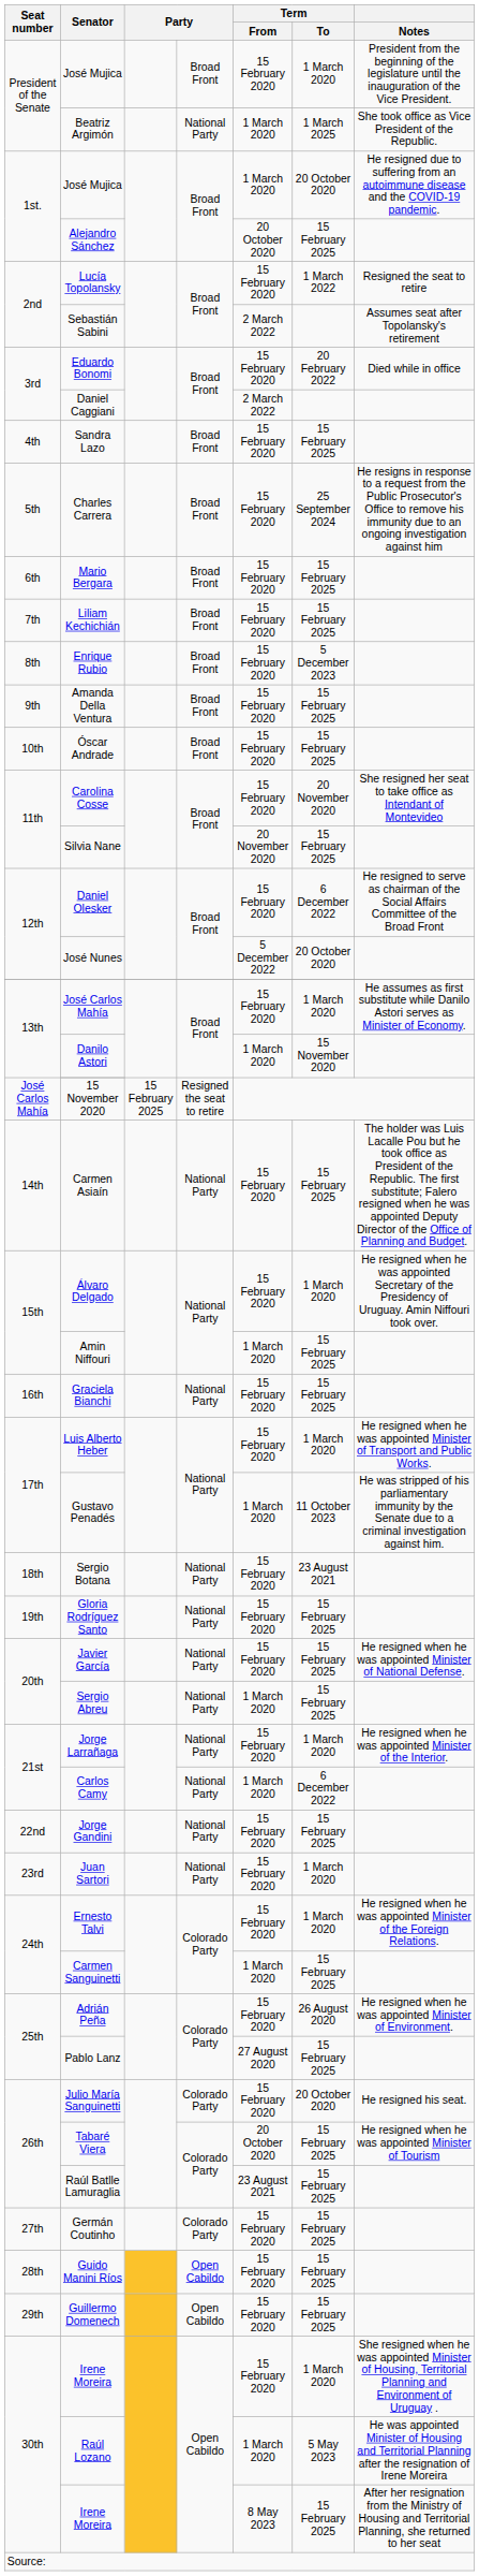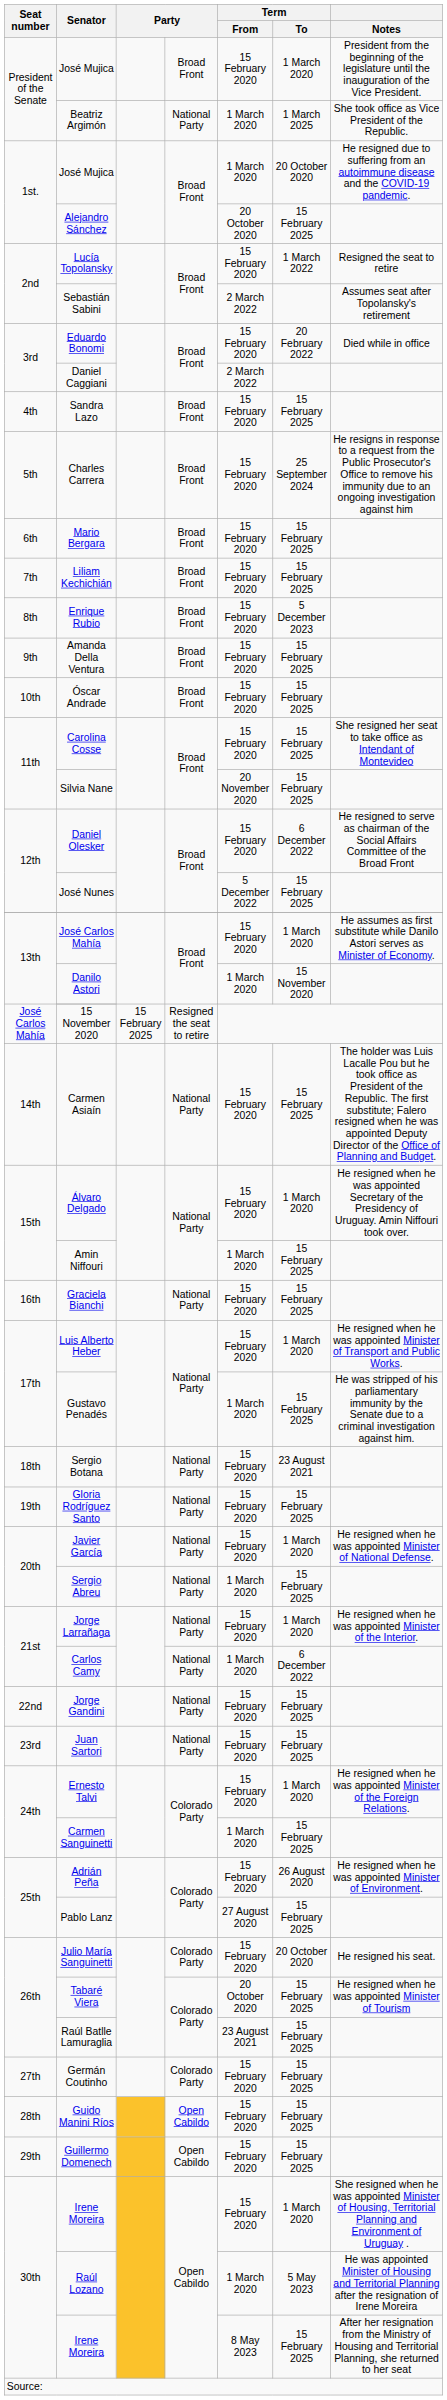 <table class="wikitable" style="width:675px;">
 <tr>
 <th rowspan="2">Seat number</th>
 <th rowspan="2">Senator</th>
 <th colspan="2" rowspan="2">Party</th>
 <th colspan="2">Term</th>
 <th></th>
 </tr>
 <tr>
 <th>From</th>
 <th>To</th>
 <th>Notes</th>
 </tr>
 <tr style="text-align:center;">
 <td rowspan="2">President of the Senate</td>
 <td style="text-align:center;">José Mujica</td>
 <td style="background-color:"></td>
 <td style="text-align:center;">Broad Front</td>
 <td style="text-align:center;">15 February 2020</td>
 <td style="text-align:center;">1 March 2020</td>
 <td>President from the beginning of the legislature until the inauguration of the Vice President.</td>
 </tr>
 <tr style="text-align:center;">
 <td style="text-align:center;">Beatriz Argimón</td>
 <td style="background-color:"></td>
 <td style="text-align:center;">National Party</td>
 <td style="text-align:center;">1 March 2020</td>
 <td style="text-align:center;">1 March 2025</td>
 <td>She took office as Vice President of the Republic.</td>
 </tr>
 <tr style="text-align:center;">
 <td rowspan="2">1st.</td>
 <td style="text-align:center;">José Mujica</td>
 <td rowspan="2" style="background-color:"></td>
 <td rowspan="2" style="text-align:center;">Broad Front</td>
 <td style="text-align:center;">1 March 2020</td>
 <td style="text-align:center;">20 October 2020</td>
 <td style="text-align:center;">He resigned due to suffering from an <a href='#'>autoimmune disease</a> and the <a href='#'>COVID-19 pandemic</a>.</td>
 </tr>
 <tr>
 <td style="text-align:center;"><a href='#'>Alejandro Sánchez</a></td>
 <td style="text-align:center;">20 October 2020</td>
 <td style="text-align:center;">15 February 2025</td>
 <td style="text-align:center;"></td>
 </tr>
 <tr>
 <td rowspan="2" style="text-align:center;">2nd</td>
 <td style="text-align:center;"><a href='#'>Lucía Topolansky</a></td>
 <td rowspan="2" style="background-color:"></td>
 <td rowspan="2" style="text-align:center;">Broad Front</td>
 <td style="text-align:center;">15 February 2020</td>
 <td style="text-align:center;">1 March 2022</td>
 <td style="text-align:center;">Resigned the seat to retire</td>
 </tr>
 <tr>
 <td style="text-align:center;">Sebastián Sabini</td>
 <td style="text-align:center;">2 March 2022</td>
 <td></td>
 <td style="text-align:center;">Assumes seat after Topolansky's retirement</td>
 </tr>
 <tr>
 <td rowspan="2" style="text-align:center;">3rd</td>
 <td style="text-align:center;"><a href='#'>Eduardo Bonomi</a></td>
 <td rowspan="2" style="background-color:"></td>
 <td rowspan="2" style="text-align:center;">Broad Front</td>
 <td style="text-align:center;">15 February 2020</td>
 <td style="text-align:center;">20 February 2022</td>
 <td style="text-align:center;">Died while in office</td>
 </tr>
 <tr>
 <td style="text-align:center;">Daniel Caggiani</td>
 <td style="text-align:center;">2 March 2022</td>
 <td></td>
 <td></td>
 </tr>
 <tr>
 <td style="text-align:center;">4th</td>
 <td style="text-align:center;">Sandra Lazo</td>
 <td style="background-color:"></td>
 <td style="text-align:center;">Broad Front</td>
 <td style="text-align:center;">15 February 2020</td>
 <td style="text-align:center;">15 February 2025</td>
 <td></td>
 </tr>
 <tr>
 <td style="text-align:center;">5th</td>
 <td style="text-align:center;">Charles Carrera</td>
 <td style="background-color:"></td>
 <td style="text-align:center;">Broad Front</td>
 <td style="text-align:center;">15 February 2020</td>
 <td style="text-align:center;">25 September 2024</td>
 <td style="text-align:center;">He resigns in response to a request from the Public Prosecutor's Office to remove his immunity due to an ongoing investigation against him</td>
 </tr>
 <tr style="text-align:center;">
 <td>6th</td>
 <td style="text-align:center;"><a href='#'>Mario Bergara</a></td>
 <td style="background-color:"></td>
 <td style="text-align:center;">Broad Front</td>
 <td style="text-align:center;">15 February 2020</td>
 <td style="text-align:center;">15 February 2025</td>
 <td></td>
 </tr>
 <tr style="text-align:center;">
 <td>7th</td>
 <td style="text-align:center;"><a href='#'>Liliam Kechichián</a></td>
 <td style="background-color:"></td>
 <td style="text-align:center;">Broad Front</td>
 <td style="text-align:center;">15 February 2020</td>
 <td style="text-align:center;">15 February 2025</td>
 <td></td>
 </tr>
 <tr style="text-align:center;">
 <td>8th</td>
 <td style="text-align:center;"><a href='#'>Enrique Rubio</a></td>
 <td style="background-color:"></td>
 <td style="text-align:center;">Broad Front</td>
 <td style="text-align:center;">15 February 2020</td>
 <td style="text-align:center;">5 December 2023</td>
 <td></td>
 </tr>
 <tr style="text-align:center;">
 <td>9th</td>
 <td style="text-align:center;">Amanda Della Ventura</td>
 <td style="background-color:"></td>
 <td style="text-align:center;">Broad Front</td>
 <td style="text-align:center;">15 February 2020</td>
 <td style="text-align:center;">15 February 2025</td>
 <td></td>
 </tr>
 <tr style="text-align:center;">
 <td>10th</td>
 <td style="text-align:center;">Óscar Andrade</td>
 <td style="background-color:"></td>
 <td style="text-align:center;">Broad Front</td>
 <td style="text-align:center;">15 February 2020</td>
 <td style="text-align:center;">15 February 2025</td>
 <td></td>
 </tr>
 <tr style="text-align:center;">
 <td rowspan="2">11th</td>
 <td style="text-align:center;"><a href='#'>Carolina Cosse</a></td>
 <td rowspan="2" style="background-color:"></td>
 <td rowspan="2" style="text-align:center;">Broad Front</td>
 <td style="text-align:center;">15 February 2020</td>
-<td style="text-align:center;">20 November 2020</td>
+<td style="text-align:center;">15 February 2025</td>
 <td>She resigned her seat to take office as <a href='#'>Intendant of Montevideo</a></td>
 </tr>
 <tr>
 <td style="text-align:center;">Silvia Nane</td>
 <td style="text-align:center;">20 November 2020</td>
 <td style="text-align:center;">15 February 2025</td>
 <td></td>
 </tr>
 <tr style="text-align:center;">
 <td rowspan="2">12th</td>
 <td style="text-align:center;"><a href='#'>Daniel Olesker</a></td>
 <td rowspan="2" style="background-color:"></td>
 <td rowspan="2" style="text-align:center;">Broad Front</td>
 <td style="text-align:center;">15 February 2020</td>
 <td style="text-align:center;">6 December 2022</td>
 <td style="text-align:center;">He resigned to serve as chairman of the Social Affairs Committee of the Broad Front</td>
 </tr>
 <tr>
 <td style="text-align:center;">José Nunes</td>
 <td style="text-align:center;">5 December 2022</td>
-<td style="text-align:center;">20 October 2020</td>
+<td style="text-align:center;">15 February 2025</td>
 <td></td>
 </tr>
 <tr style="text-align:center;">
 </tr>
 <tr style="text-align:center;">
 <td rowspan="3">13th</td>
 <td style="text-align:center;"><a href='#'>José Carlos Mahía</a></td>
 <td rowspan="3" style="background-color:"></td>
 <td rowspan="3" style="text-align:center;">Broad Front</td>
 <td style="text-align:center;">15 February 2020</td>
 <td style="text-align:center;">1 March 2020</td>
 <td>He assumes as first substitute while Danilo Astori serves as <a href='#'>Minister of Economy</a>.</td>
 </tr>
 <tr>
 <td style="text-align:center;"><a href='#'>Danilo Astori</a></td>
 <td style="text-align:center;">1 March 2020</td>
 <td style="text-align:center;">15 November 2020</td>
 <td></td>
 </tr>
 <tr style="text-align:center;">
 </tr>
 <tr>
 <td style="text-align:center;"><a href='#'>José Carlos Mahía</a></td>
 <td style="text-align:center;">15 November 2020</td>
 <td style="text-align:center;">15 February 2025</td>
 <td style="text-align:center;">Resigned the seat to retire</td>
 </tr>
 <tr style="text-align:center;">
 <td>14th</td>
 <td style="text-align:center;">Carmen Asiaín</td>
 <td style="background-color:"></td>
 <td style="text-align:center;">National Party</td>
 <td style="text-align:center;">15 February 2020</td>
 <td style="text-align:center;">15 February 2025</td>
 <td>The holder was Luis Lacalle Pou but he took office as President of the Republic. The first substitute; Falero resigned when he was appointed Deputy Director of the <a href='#'>Office of Planning and Budget</a>.</td>
 </tr>
 <tr style="text-align:center;">
 <td rowspan="2">15th</td>
 <td style="text-align:center;"><a href='#'>Álvaro Delgado</a></td>
 <td rowspan="2" style="background-color:"></td>
 <td rowspan="2" style="text-align:center;">National Party</td>
 <td style="text-align:center;">15 February 2020</td>
 <td style="text-align:center;">1 March 2020</td>
 <td>He resigned when he was appointed Secretary of the Presidency of Uruguay. Amin Niffouri took over.</td>
 </tr>
 <tr>
 <td style="text-align:center;">Amin Niffouri</td>
 <td style="text-align:center;">1 March 2020</td>
 <td style="text-align:center;">15 February 2025</td>
 <td></td>
 </tr>
 <tr style="text-align:center;">
 <td>16th</td>
 <td style="text-align:center;"><a href='#'>Graciela Bianchi</a></td>
 <td style="background-color:"></td>
 <td style="text-align:center;">National Party</td>
 <td style="text-align:center;">15 February 2020</td>
 <td style="text-align:center;">15 February 2025</td>
 <td></td>
 </tr>
 <tr style="text-align:center;">
 <td rowspan="2">17th</td>
 <td style="text-align:center;"><a href='#'>Luis Alberto Heber</a></td>
 <td rowspan="2" style="background-color:"></td>
 <td rowspan="2" style="text-align:center;">National Party</td>
 <td style="text-align:center;">15 February 2020</td>
 <td style="text-align:center;">1 March 2020</td>
 <td>He resigned when he was appointed <a href='#'>Minister of Transport and Public Works</a>.</td>
 </tr>
 <tr>
 <td style="text-align:center;">Gustavo Penadés</td>
 <td style="text-align:center;">1 March 2020</td>
-<td style="text-align:center;">11 October 2023</td>
+<td style="text-align:center;">15 February 2025</td>
 <td style="text-align:center;">He was stripped of his parliamentary immunity by the Senate due to a criminal investigation against him.</td>
 </tr>
 <tr style="text-align:center;">
 <td>18th</td>
 <td style="text-align:center;">Sergio Botana</td>
 <td style="background-color:"></td>
 <td style="text-align:center;">National Party</td>
 <td style="text-align:center;">15 February 2020</td>
 <td style="text-align:center;">23 August 2021</td>
 <td></td>
 </tr>
 <tr style="text-align:center;">
 <td>19th</td>
 <td style="text-align:center;"><a href='#'>Gloria Rodríguez Santo</a></td>
 <td style="background-color:"></td>
 <td style="text-align:center;">National Party</td>
 <td style="text-align:center;">15 February 2020</td>
 <td style="text-align:center;">15 February 2025</td>
 <td></td>
 </tr>
 <tr style="text-align:center;">
 <td rowspan="2">20th</td>
 <td style="text-align:center;"><a href='#'>Javier García</a></td>
 <td style="background-color:"></td>
 <td style="text-align:center;">National Party</td>
 <td style="text-align:center;">15 February 2020</td>
-<td style="text-align:center;">15 February 2025</td>
+<td style="text-align:center;">1 March 2020</td>
 <td>He resigned when he was appointed <a href='#'>Minister of National Defense</a>.</td>
 </tr>
 <tr>
 <td style="text-align:center;"><a href='#'>Sergio Abreu</a></td>
 <td style="background-color:"></td>
 <td style="text-align:center;">National Party</td>
 <td style="text-align:center;">1 March 2020</td>
 <td style="text-align:center;">15 February 2025</td>
 <td></td>
 </tr>
 <tr style="text-align:center;">
 <td rowspan="2">21st</td>
 <td style="text-align:center;"><a href='#'>Jorge Larrañaga</a></td>
 <td rowspan="2" style="background-color:"></td>
 <td style="text-align:center;">National Party</td>
 <td style="text-align:center;">15 February 2020</td>
 <td style="text-align:center;">1 March 2020</td>
 <td style="text-align:center;">He resigned when he was appointed <a href='#'>Minister of the Interior</a>.</td>
 </tr>
 <tr>
 <td style="text-align:center;"><a href='#'>Carlos Camy</a></td>
 <td style="text-align:center;">National Party</td>
 <td style="text-align:center;">1 March 2020</td>
 <td style="text-align:center;">6 December 2022</td>
 <td style="text-align:center;"></td>
 </tr>
 <tr style="text-align:center;">
 <td>22nd</td>
 <td style="text-align:center;"><a href='#'>Jorge Gandini</a></td>
 <td style="background-color:"></td>
 <td style="text-align:center;">National Party</td>
 <td style="text-align:center;">15 February 2020</td>
 <td style="text-align:center;">15 February 2025</td>
 <td style="text-align:center;"></td>
 </tr>
 <tr style="text-align:center;">
 <td>23rd</td>
 <td style="text-align:center;"><a href='#'>Juan Sartori</a></td>
 <td style="background-color:"></td>
 <td style="text-align:center;">National Party</td>
 <td style="text-align:center;">15 February 2020</td>
-<td style="text-align:center;">1 March 2020</td>
+<td style="text-align:center;">15 February 2025</td>
 <td></td>
 </tr>
 <tr style="text-align:center;">
 <td rowspan="2">24th</td>
 <td style="text-align:center;"><a href='#'>Ernesto Talvi</a></td>
 <td rowspan="2" style="background-color:"></td>
 <td rowspan="2" style="text-align:center;">Colorado Party</td>
 <td style="text-align:center;">15 February 2020</td>
 <td style="text-align:center;">1 March 2020</td>
 <td style="text-align:center;">He resigned when he was appointed <a href='#'>Minister of the Foreign Relations</a>.</td>
 </tr>
 <tr>
 <td style="text-align:center;"><a href='#'>Carmen Sanguinetti</a></td>
 <td style="text-align:center;">1 March 2020</td>
 <td style="text-align:center;">15 February 2025</td>
 <td></td>
 </tr>
 <tr style="text-align:center;">
 <td rowspan="2">25th</td>
 <td style="text-align:center;"><a href='#'>Adrián Peña</a></td>
 <td rowspan="2" style="background-color:"></td>
 <td rowspan="2" style="text-align:center;">Colorado Party</td>
 <td style="text-align:center;">15 February 2020</td>
 <td style="text-align:center;">26 August 2020</td>
 <td style="text-align:center;">He resigned when he was appointed <a href='#'>Minister of Environment</a>.</td>
 </tr>
 <tr>
 <td style="text-align:center;">Pablo Lanz</td>
 <td style="text-align:center;">27 August 2020</td>
 <td style="text-align:center;">15 February 2025</td>
 <td></td>
 </tr>
 <tr style="text-align:center;">
 <td rowspan="3">26th</td>
 <td style="text-align:center;"><a href='#'>Julio María Sanguinetti</a></td>
 <td rowspan="3" style="background-color:"></td>
 <td style="text-align:center;">Colorado Party</td>
 <td style="text-align:center;">15 February 2020</td>
 <td style="text-align:center;">20 October 2020</td>
 <td>He resigned his seat.</td>
 </tr>
 <tr>
 <td style="text-align:center;"><a href='#'>Tabaré Viera</a></td>
 <td rowspan="2" style="text-align:center;">Colorado Party</td>
 <td style="text-align:center;">20 October 2020</td>
 <td style="text-align:center;">15 February 2025</td>
 <td style="text-align:center;">He resigned when he was appointed <a href='#'>Minister of Tourism</a></td>
 </tr>
 <tr>
 <td style="text-align:center;">Raúl Batlle Lamuraglia</td>
 <td style="text-align:center;">23 August 2021</td>
 <td style="text-align:center;">15 February 2025</td>
 <td></td>
 </tr>
 <tr style="text-align:center;">
 <td>27th</td>
 <td style="text-align:center;">Germán Coutinho</td>
 <td style="background-color:"></td>
 <td style="text-align:center;">Colorado Party</td>
 <td style="text-align:center;">15 February 2020</td>
 <td style="text-align:center;">15 February 2025</td>
 <td></td>
 </tr>
 <tr style="text-align:center;">
 <td>28th</td>
 <td style="text-align:center;"><a href='#'>Guido Manini Ríos</a></td>
 <td style="color:inherit;background:#FBC22B"></td>
 <td style="text-align:center;"><a href='#'>Open Cabildo</a></td>
 <td style="text-align:center;">15 February 2020</td>
 <td style="text-align:center;">15 February 2025</td>
 <td></td>
 </tr>
 <tr style="text-align:center;">
 <td>29th</td>
 <td style="text-align:center;"><a href='#'>Guillermo Domenech</a></td>
 <td style="color:inherit;background:#FBC22B"></td>
 <td style="text-align:center;">Open Cabildo</td>
 <td style="text-align:center;">15 February 2020</td>
 <td style="text-align:center;">15 February 2025</td>
 <td></td>
 </tr>
 <tr style="text-align:center;">
 <td rowspan="3">30th</td>
 <td style="text-align:center;"><a href='#'>Irene Moreira</a></td>
 <td rowspan="3" bgcolor="#FBC22B"></td>
 <td rowspan="3" style="text-align:center;">Open Cabildo</td>
 <td style="text-align:center;">15 February 2020</td>
 <td style="text-align:center;">1 March 2020</td>
 <td>She resigned when he was appointed <a href='#'>Minister of Housing, Territorial Planning and Environment of Uruguay</a> .</td>
 </tr>
 <tr style="text-align:center;">
 <td style="text-align:center;"><a href='#'>Raúl Lozano</a></td>
 <td style="text-align:center;">1 March 2020</td>
 <td style="text-align:center;">5 May 2023</td>
 <td>He was appointed <a href='#'>Minister of Housing and Territorial Planning</a> after the resignation of Irene Moreira</td>
 </tr>
 <tr>
 <td style="text-align:center;"><a href='#'>Irene Moreira</a></td>
 <td style="text-align:center;">8 May 2023</td>
 <td style="text-align:center;">15 February 2025</td>
 <td style="text-align:center;">After her resignation from the Ministry of Housing and Territorial Planning, she returned to her seat</td>
 </tr>
 <tr>
 <td colspan="7">Source: </td>
 </tr>
 </table>
